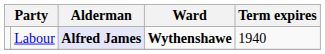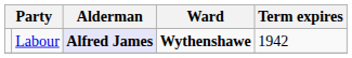 <table class="wikitable">
 <tr>
 <th colspan="2">Party</th>
 <th>Alderman</th>
 <th>Ward</th>
 <th>Term expires</th>
 </tr>
 <tr>
 <td style="background-color:"></td>
 <td><a href='#'>Labour</a></td>
 <td style="background: lavender;"><strong>Alfred James</strong></td>
 <td><strong>Wythenshawe</strong></td>
-<td>1940</td>
+<td>1942</td>
 </tr>
 <tr>
 </tr>
 </table>
